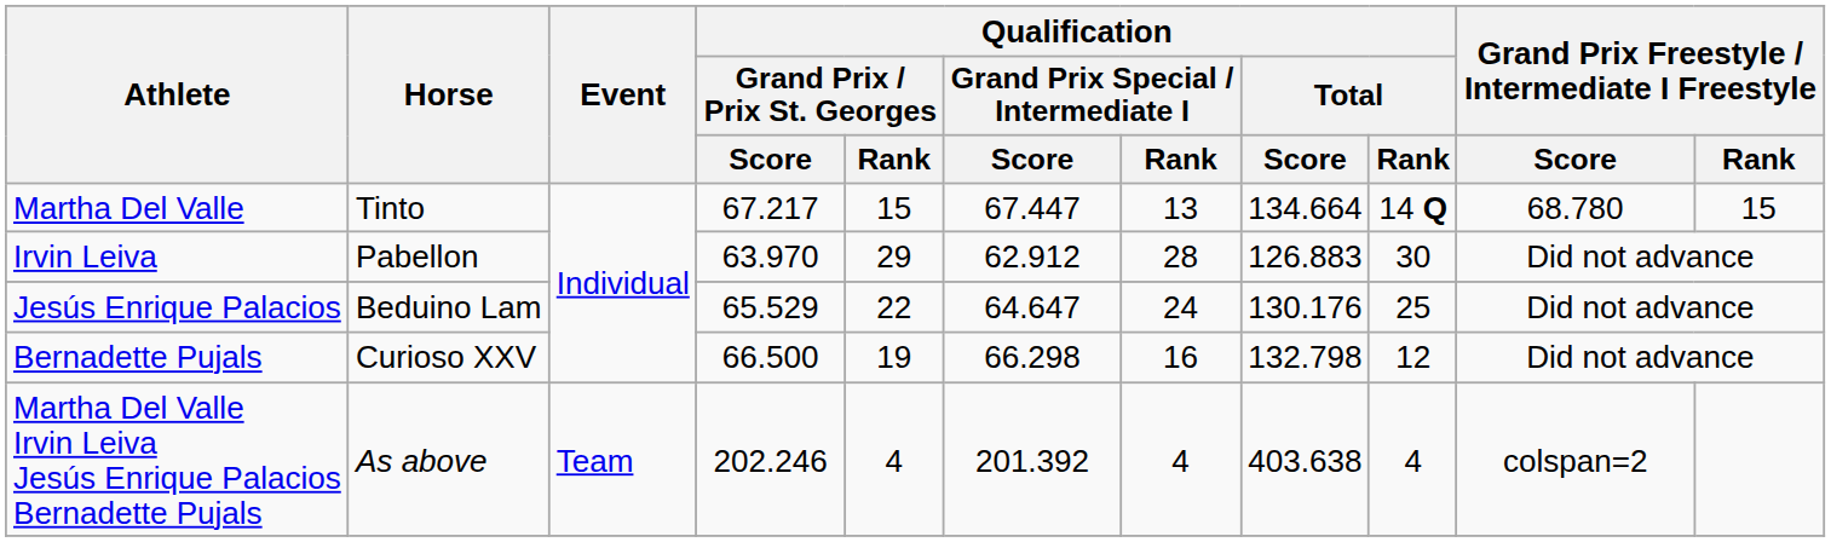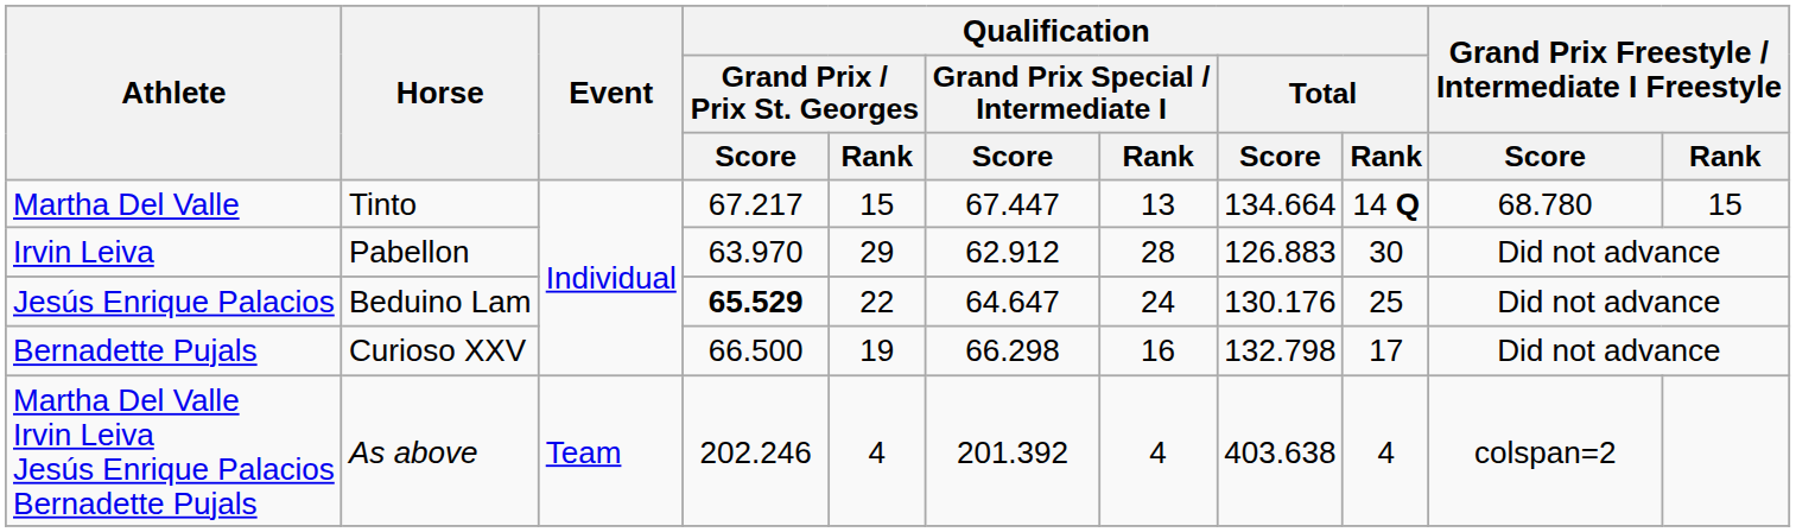 <table class=wikitable style=font-size:90%;text-align:center>
 <tr>
 <th rowspan=3>Athlete</th>
 <th rowspan=3>Horse</th>
 <th rowspan=3>Event</th>
 <th colspan=6>Qualification</th>
 <th colspan=2 rowspan=2>Grand Prix Freestyle /<br>Intermediate I Freestyle</th>
 </tr>
 <tr style=font-size:95%>
 <th colspan=2>Grand Prix /<br>Prix St. Georges</th>
 <th colspan=2>Grand Prix Special /<br>Intermediate I</th>
 <th colspan=2>Total</th>
 </tr>
 <tr style=font-size:95%>
 <th>Score</th>
 <th>Rank</th>
 <th>Score</th>
 <th>Rank</th>
 <th>Score</th>
 <th>Rank</th>
 <th>Score</th>
 <th>Rank</th>
 </tr>
 <tr>
 <td align=left><a href='#'>Martha Del Valle</a></td>
 <td align=left>Tinto</td>
 <td align=left rowspan=4><a href='#'>Individual</a></td>
 <td>67.217</td>
 <td>15</td>
 <td>67.447</td>
 <td>13</td>
 <td>134.664</td>
 <td>14 <strong>Q</strong></td>
 <td>68.780</td>
 <td>15</td>
 </tr>
 <tr>
 <td align=left><a href='#'>Irvin Leiva</a></td>
 <td align=left>Pabellon</td>
 <td>63.970</td>
 <td>29</td>
 <td>62.912</td>
 <td>28</td>
 <td>126.883</td>
 <td>30</td>
 <td colspan=2>Did not advance</td>
 </tr>
 <tr>
 <td align=left><a href='#'>Jesús Enrique Palacios</a></td>
 <td align=left>Beduino Lam</td>
-<td>65.529</td>
+<td><strong>65.529</strong></td>
 <td>22</td>
 <td>64.647</td>
 <td>24</td>
 <td>130.176</td>
 <td>25</td>
 <td colspan=2>Did not advance</td>
 </tr>
 <tr>
 <td align=left><a href='#'>Bernadette Pujals</a></td>
 <td align=left>Curioso XXV</td>
 <td>66.500</td>
 <td>19</td>
 <td>66.298</td>
 <td>16</td>
 <td>132.798</td>
-<td>12</td>
+<td>17</td>
 <td colspan=2>Did not advance</td>
 </tr>
 <tr>
 <td align=left><a href='#'>Martha Del Valle</a><br><a href='#'>Irvin Leiva</a><br><a href='#'>Jesús Enrique Palacios</a><br><a href='#'>Bernadette Pujals</a></td>
 <td align=left><em>As above</em></td>
 <td align=left><a href='#'>Team</a></td>
 <td>202.246</td>
 <td>4</td>
 <td>201.392</td>
 <td>4</td>
 <td>403.638</td>
 <td>4</td>
 <td>colspan=2 </td>
 </tr>
 </table>
